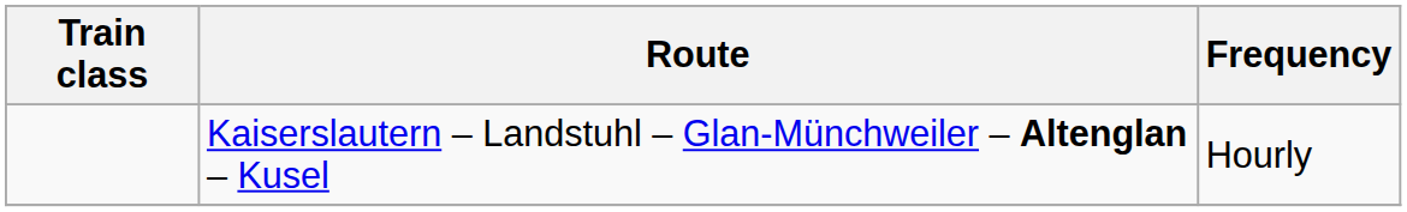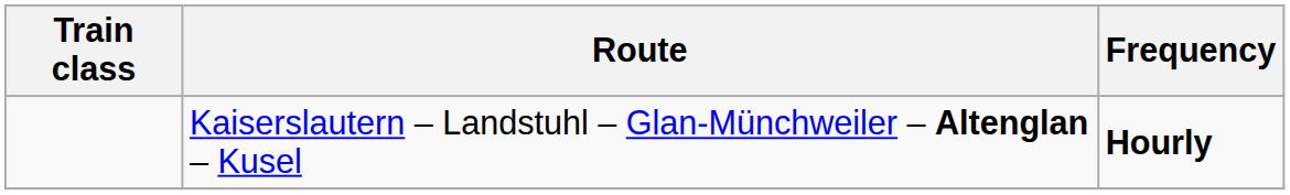 <table class="wikitable">
 <tr>
 <th>Train class</th>
 <th>Route</th>
 <th>Frequency</th>
 </tr>
 <tr>
 <td></td>
 <td><a href='#'>Kaiserslautern</a> – Landstuhl – <a href='#'>Glan-Münchweiler</a> – <strong> Altenglan</strong> – <a href='#'>Kusel</a></td>
-<td>Hourly</td>
+<td><strong>Hourly</strong></td>
 </tr>
 <tr>
 </tr>
 </table>
